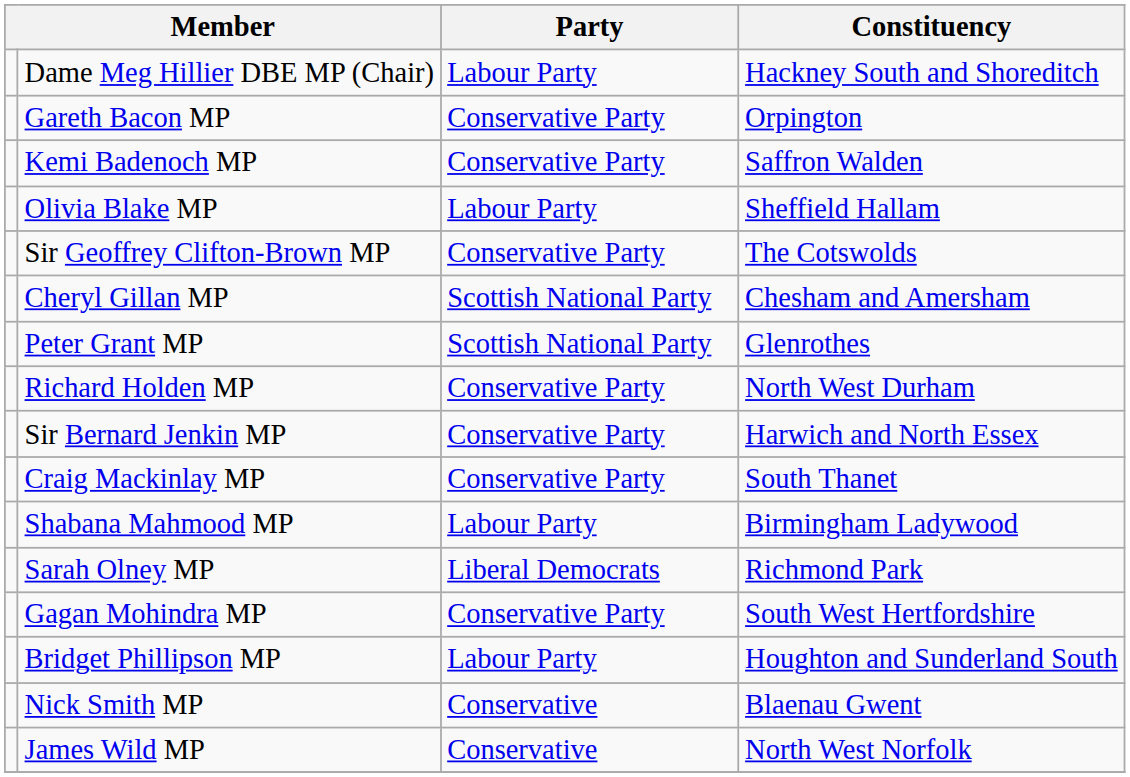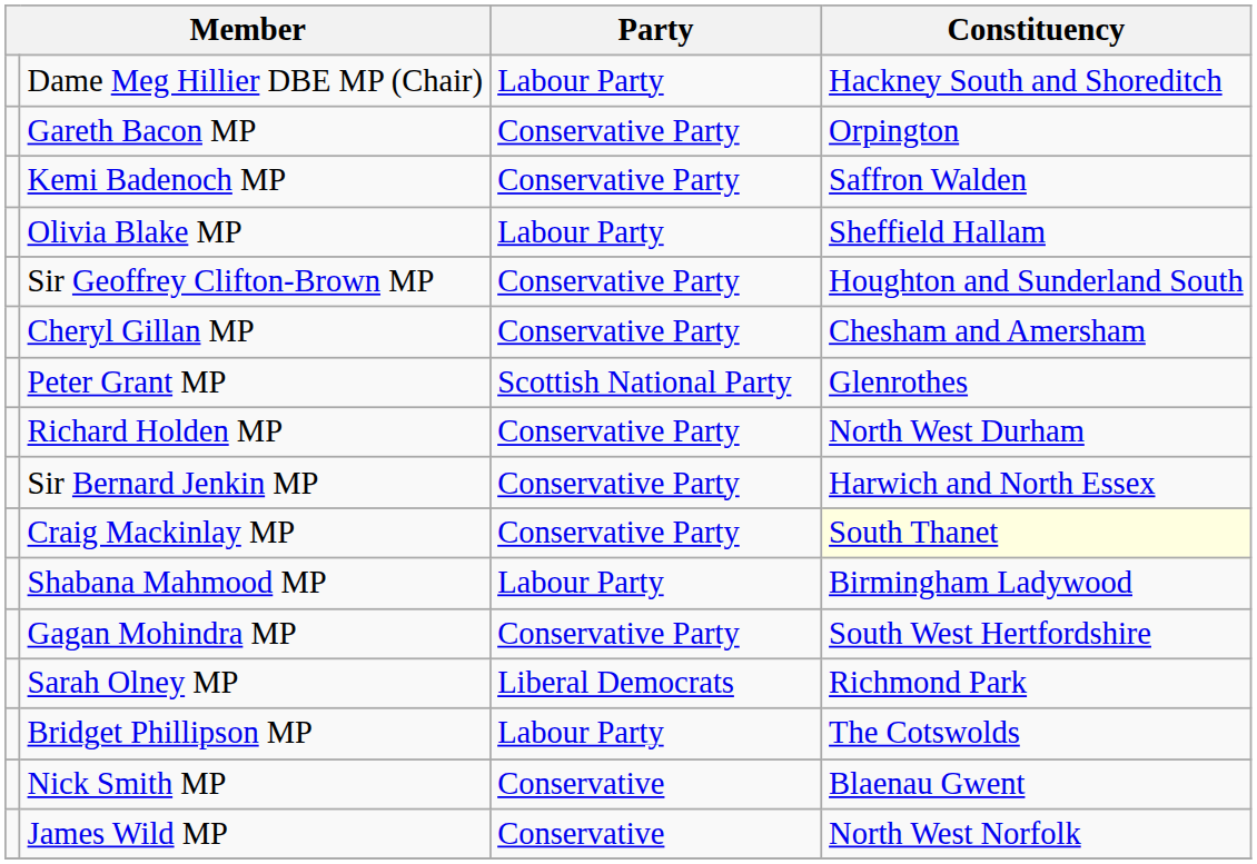 <table class="wikitable">
 <tr>
 <th width="160px" colspan="2" valign="top">Member</th>
 <th width="160px" valign="top">Party</th>
 <th valign="top">Constituency</th>
 </tr>
 <tr>
 <td style="color:inherit;background:"></td>
 <td>Dame <a href='#'>Meg Hillier</a> DBE MP (Chair)</td>
 <td><a href='#'>Labour Party</a></td>
 <td><a href='#'>Hackney South and Shoreditch</a></td>
 </tr>
 <tr>
 <td style="color:inherit;background:"></td>
 <td><a href='#'>Gareth Bacon</a> MP</td>
 <td><a href='#'>Conservative Party</a></td>
 <td><a href='#'>Orpington</a></td>
 </tr>
 <tr>
 <td style="color:inherit;background:"></td>
 <td><a href='#'>Kemi Badenoch</a> MP</td>
 <td><a href='#'>Conservative Party</a></td>
 <td><a href='#'>Saffron Walden</a></td>
 </tr>
 <tr>
 <td style="color:inherit;background:"></td>
 <td><a href='#'>Olivia Blake</a> MP</td>
 <td><a href='#'>Labour Party</a></td>
 <td><a href='#'>Sheffield Hallam</a></td>
 </tr>
 <tr>
 <td style="color:inherit;background:"></td>
 <td>Sir <a href='#'>Geoffrey Clifton-Brown</a> MP</td>
 <td><a href='#'>Conservative Party</a></td>
-<td><a href='#'>The Cotswolds</a></td>
+<td><a href='#'>Houghton and Sunderland South</a></td>
 </tr>
 <tr>
 <td style="color:inherit;background:"></td>
 <td><a href='#'>Cheryl Gillan</a> MP</td>
-<td><a href='#'>Scottish National Party</a></td>
+<td><a href='#'>Conservative Party</a></td>
 <td><a href='#'>Chesham and Amersham</a></td>
 </tr>
 <tr>
 <td style="color:inherit;background:"></td>
 <td><a href='#'>Peter Grant</a> MP</td>
 <td><a href='#'>Scottish National Party</a></td>
 <td><a href='#'>Glenrothes</a></td>
 </tr>
 <tr>
 <td style="color:inherit;background:"></td>
 <td><a href='#'>Richard Holden</a> MP</td>
 <td><a href='#'>Conservative Party</a></td>
 <td><a href='#'>North West Durham</a></td>
 </tr>
 <tr>
 <td style="color:inherit;background:"></td>
 <td>Sir <a href='#'>Bernard Jenkin</a> MP</td>
 <td><a href='#'>Conservative Party</a></td>
 <td><a href='#'>Harwich and North Essex</a></td>
 </tr>
 <tr>
 <td style="color:inherit;background:"></td>
 <td><a href='#'>Craig Mackinlay</a> MP</td>
 <td><a href='#'>Conservative Party</a></td>
-<td><a href='#'>South Thanet</a></td>
+<td style="background: lightyellow;"><a href='#'>South Thanet</a></td>
 </tr>
 <tr>
 <td style="color:inherit;background:"></td>
 <td><a href='#'>Shabana Mahmood</a> MP</td>
 <td><a href='#'>Labour Party</a></td>
 <td><a href='#'>Birmingham Ladywood</a></td>
 </tr>
 <tr>
 <td style="color:inherit;background:"></td>
+<td><a href='#'>Gagan Mohindra</a> MP</td>
+<td><a href='#'>Conservative Party</a></td>
+<td><a href='#'>South West Hertfordshire</a></td>
+</tr>
+<tr>
+<td style="color:inherit;background:"></td>
 <td><a href='#'>Sarah Olney</a> MP</td>
 <td><a href='#'>Liberal Democrats</a></td>
 <td><a href='#'>Richmond Park</a></td>
 </tr>
 <tr>
 <td style="color:inherit;background:"></td>
-<td><a href='#'>Gagan Mohindra</a> MP</td>
-<td><a href='#'>Conservative Party</a></td>
-<td><a href='#'>South West Hertfordshire</a></td>
-</tr>
-<tr>
-<td style="color:inherit;background:"></td>
 <td><a href='#'>Bridget Phillipson</a> MP</td>
 <td><a href='#'>Labour Party</a></td>
-<td><a href='#'>Houghton and Sunderland South</a></td>
+<td><a href='#'>The Cotswolds</a></td>
 </tr>
 <tr>
 <td style="color:inherit;background:"></td>
 <td><a href='#'>Nick Smith</a> MP</td>
 <td><a href='#'>Conservative</a></td>
 <td><a href='#'>Blaenau Gwent</a></td>
 </tr>
 <tr>
 <td style="color:inherit;background:"></td>
 <td><a href='#'>James Wild</a> MP</td>
 <td><a href='#'>Conservative</a></td>
 <td><a href='#'>North West Norfolk</a></td>
 </tr>
 <tr>
 </tr>
 </table>
